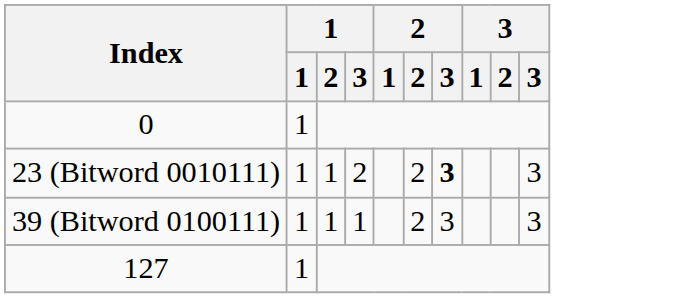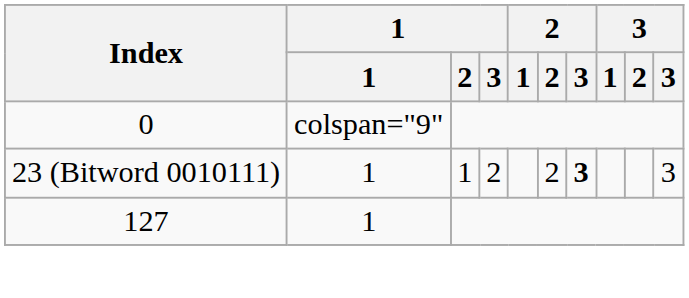 <table class="wikitable" style="text-align:center">
 <tr>
 <th rowspan="2">Index</th>
 <th colspan="3">1</th>
 <th colspan="3">2</th>
 <th colspan="3">3</th>
 </tr>
 <tr>
 <th>1</th>
 <th>2</th>
 <th>3</th>
 <th>1</th>
 <th>2</th>
 <th>3</th>
 <th>1</th>
 <th>2</th>
 <th>3</th>
 </tr>
 <tr>
 <td>0</td>
-<td>1</td>
+<td>colspan="9" </td>
 </tr>
 <tr>
 <td>23 (Bitword 0010111)</td>
 <td>1</td>
 <td>1</td>
 <td>2</td>
 <td></td>
 <td>2</td>
 <td><strong>3</strong></td>
 <td></td>
 <td></td>
 <td>3</td>
 </tr>
 <tr>
-<td>39 (Bitword 0100111)</td>
-<td>1</td>
-<td>1</td>
-<td>1</td>
-<td></td>
-<td>2</td>
-<td>3</td>
-<td></td>
-<td></td>
-<td>3</td>
-</tr>
-<tr>
 <td>127</td>
 <td>1</td>
 </tr>
 </table>
